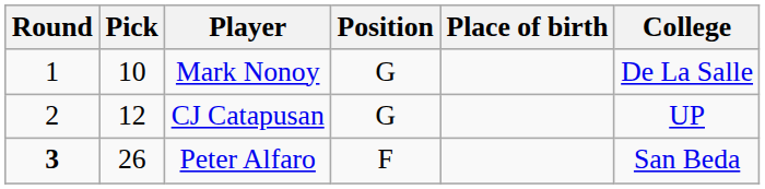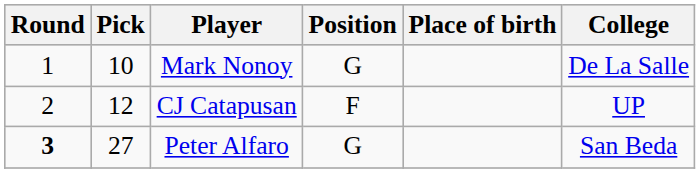 <table class="wikitable sortable sortable" style="text-align:center">
 <tr>
 <th>Round</th>
 <th>Pick</th>
 <th>Player</th>
 <th>Position</th>
 <th>Place of birth</th>
 <th>College</th>
 </tr>
 <tr>
 <td>1</td>
 <td>10</td>
 <td><a href='#'>Mark Nonoy</a></td>
 <td>G</td>
 <td></td>
 <td><a href='#'>De La Salle</a></td>
 </tr>
 <tr>
 <td>2</td>
 <td>12</td>
 <td><a href='#'>CJ Catapusan</a></td>
-<td>G</td>
+<td>F</td>
 <td></td>
 <td><a href='#'>UP</a></td>
 </tr>
 <tr>
 <td><strong>3</strong></td>
-<td>26</td>
+<td>27</td>
 <td><a href='#'>Peter Alfaro</a></td>
-<td>F</td>
+<td>G</td>
 <td></td>
 <td><a href='#'>San Beda</a></td>
 </tr>
 </table>
